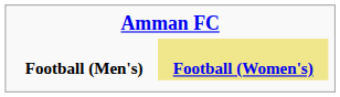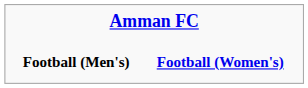 <table class="infobox" style="width: 270px;">
 <tr>
 <th colspan="4"><a href='#'><span>Amman FC</span></a></th>
 </tr>
 <tr style="font-size: 85%; text-align: center">
 <td><br><strong>Football (Men's)</strong></td>
-<td style="background: khaki;"><br><strong><a href='#'>Football (Women's)</a></strong></td>
+<td><br><strong><a href='#'>Football (Women's)</a></strong></td>
 </tr>
 <tr style="font-size: 85%; text-align: center">
 <td></td>
 </tr>
 </table>
